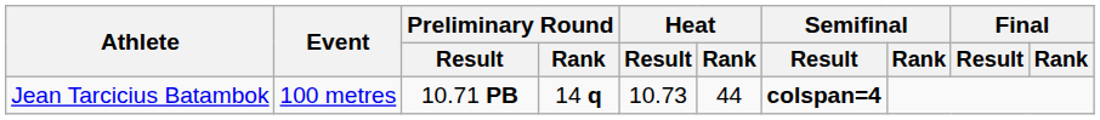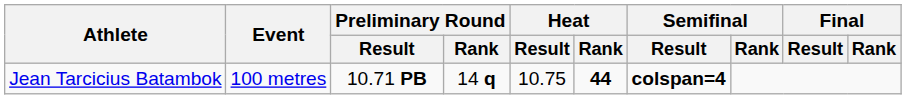 <table class="wikitable" style="font-size:90%">
 <tr>
 <th rowspan="2">Athlete</th>
 <th rowspan="2">Event</th>
 <th colspan="2">Preliminary Round</th>
 <th colspan="2">Heat</th>
 <th colspan="2">Semifinal</th>
 <th colspan="2">Final</th>
 </tr>
 <tr style="font-size:95%">
 <th>Result</th>
 <th>Rank</th>
 <th>Result</th>
 <th>Rank</th>
 <th>Result</th>
 <th>Rank</th>
 <th>Result</th>
 <th>Rank</th>
 </tr>
 <tr style=text-align:center>
 <td style=text-align:left><a href='#'>Jean Tarcicius Batambok</a></td>
 <td style=text-align:left><a href='#'>100 metres</a></td>
 <td>10.71 <strong>PB</strong></td>
 <td>14 <strong>q</strong></td>
-<td>10.73</td>
-<td>44</td>
+<td>10.75</td>
+<td><strong>44</strong></td>
 <td><strong>colspan=4 </strong></td>
 </tr>
 </table>
